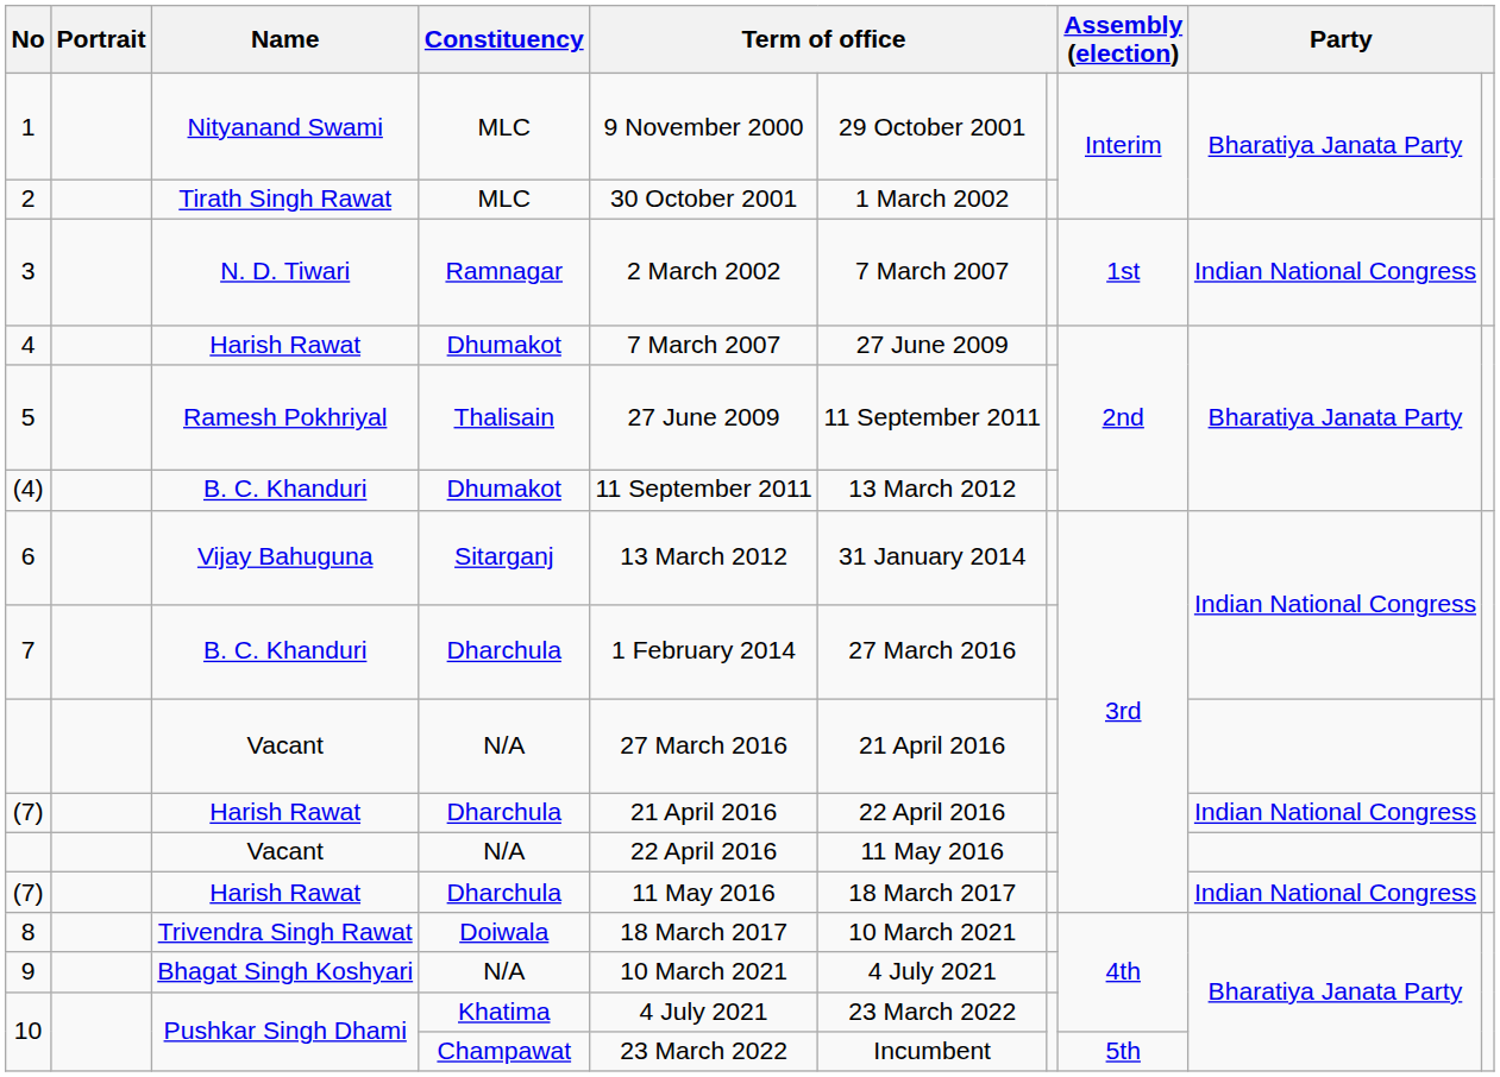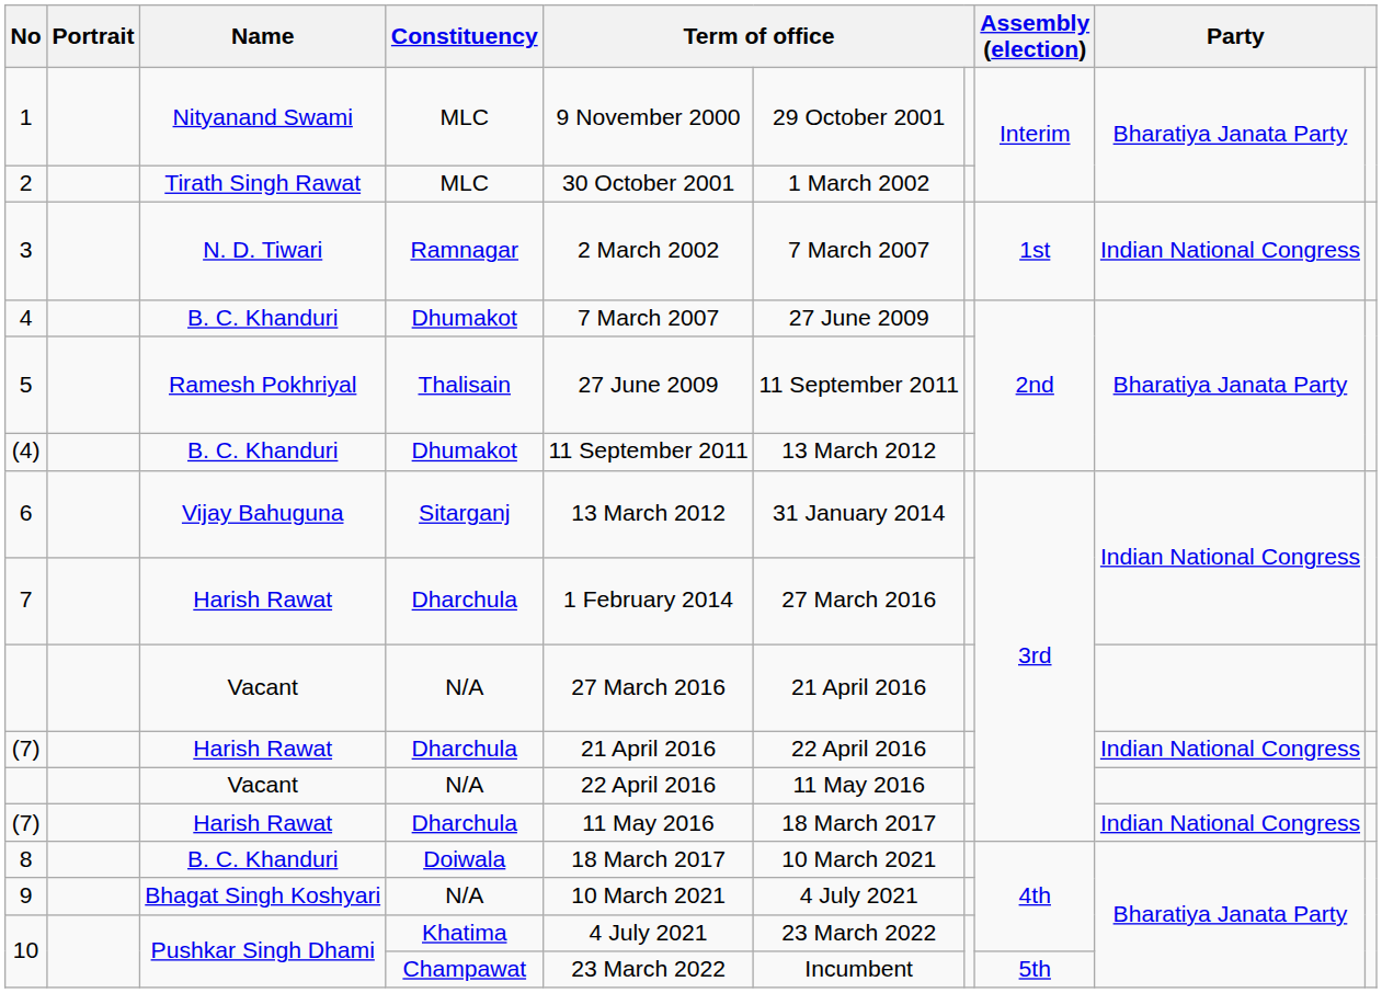 <table class="wikitable">
 <tr>
 <th>No</th>
 <th>Portrait</th>
 <th>Name</th>
 <th><a href='#'>Constituency</a></th>
 <th colspan="3">Term of office</th>
 <th><a href='#'>Assembly</a><br>(<a href='#'>election</a>)</th>
 <th colspan="2">Party</th>
 </tr>
 <tr align="center">
 <td style="height: 60px;">1</td>
 <td></td>
 <td><a href='#'>Nityanand Swami</a></td>
 <td>MLC</td>
 <td>9 November 2000</td>
 <td>29 October 2001</td>
 <td></td>
 <td rowspan="2"><a href='#'>Interim</a></td>
 <td rowspan="2"><a href='#'>Bharatiya Janata Party</a></td>
 <td rowspan="2" style="background-color: "></td>
 </tr>
 <tr align="center">
 <td>2</td>
 <td></td>
 <td><a href='#'>Tirath Singh Rawat</a></td>
 <td>MLC</td>
 <td>30 October 2001</td>
 <td>1 March 2002</td>
 <td></td>
 </tr>
 <tr align="center">
 <td style="height: 60px;">3</td>
 <td></td>
 <td><a href='#'>N. D. Tiwari</a></td>
 <td><a href='#'>Ramnagar</a></td>
 <td>2 March 2002</td>
 <td>7 March 2007</td>
 <td></td>
 <td><a href='#'>1st</a><br></td>
 <td><a href='#'>Indian National Congress</a></td>
 <td style="background-color: "></td>
 </tr>
 <tr align="center">
 <td>4</td>
 <td></td>
-<td><a href='#'>Harish Rawat</a></td>
+<td><a href='#'>B. C. Khanduri</a></td>
 <td><a href='#'>Dhumakot</a></td>
 <td>7 March 2007</td>
 <td>27 June 2009</td>
 <td></td>
 <td rowspan="3"><a href='#'>2nd</a><br></td>
 <td rowspan="3"><a href='#'>Bharatiya Janata Party</a></td>
 <td rowspan="3" style="background-color: "></td>
 </tr>
 <tr align="center">
 <td style="height: 60px;">5</td>
 <td></td>
 <td><a href='#'>Ramesh Pokhriyal</a></td>
 <td><a href='#'>Thalisain</a></td>
 <td>27 June 2009</td>
 <td>11 September 2011</td>
 <td></td>
 </tr>
 <tr align="center">
 <td>(4)</td>
 <td></td>
 <td><a href='#'>B. C. Khanduri</a></td>
 <td><a href='#'>Dhumakot</a></td>
 <td>11 September 2011</td>
 <td>13 March 2012</td>
 <td></td>
 </tr>
 <tr align="center" style="height: 60px;">
 <td>6</td>
 <td></td>
 <td><a href='#'>Vijay Bahuguna</a></td>
 <td><a href='#'>Sitarganj</a></td>
 <td>13 March 2012</td>
 <td>31 January 2014</td>
 <td></td>
 <td rowspan="6"><a href='#'>3rd</a><br></td>
 <td rowspan="2"><a href='#'>Indian National Congress</a></td>
 <td rowspan="2" style="background-color: "></td>
 </tr>
 <tr align="center" style="height: 60px;">
 <td>7</td>
 <td></td>
-<td><a href='#'>B. C. Khanduri</a></td>
+<td><a href='#'>Harish Rawat</a></td>
 <td><a href='#'>Dharchula</a></td>
 <td>1 February 2014</td>
 <td>27 March 2016</td>
 <td></td>
 </tr>
 <tr align="center" style="height: 60px;">
 <td></td>
 <td></td>
 <td>Vacant<br></td>
 <td>N/A</td>
 <td>27 March 2016</td>
 <td>21 April 2016</td>
 <td></td>
 <td></td>
 <td></td>
 </tr>
 <tr align="center">
 <td>(7)</td>
 <td></td>
 <td><a href='#'>Harish Rawat</a></td>
 <td><a href='#'>Dharchula</a></td>
 <td>21 April 2016</td>
 <td>22 April 2016</td>
 <td></td>
 <td><a href='#'>Indian National Congress</a></td>
 <td style="background-color: "></td>
 </tr>
 <tr align="center">
 <td></td>
 <td></td>
 <td>Vacant<br></td>
 <td>N/A</td>
 <td>22 April 2016</td>
 <td>11 May 2016</td>
 <td></td>
 <td></td>
 <td></td>
 </tr>
 <tr align="center">
 <td>(7)</td>
 <td></td>
 <td><a href='#'>Harish Rawat</a></td>
 <td><a href='#'>Dharchula</a></td>
 <td>11 May 2016</td>
 <td>18 March 2017</td>
 <td></td>
 <td><a href='#'>Indian National Congress</a></td>
 <td style="background-color: "></td>
 </tr>
 <tr align="center">
 <td>8</td>
 <td></td>
-<td><a href='#'>Trivendra Singh Rawat</a></td>
+<td><a href='#'>B. C. Khanduri</a></td>
 <td><a href='#'>Doiwala</a></td>
 <td>18 March 2017</td>
 <td>10 March 2021</td>
 <td></td>
 <td rowspan="3"><a href='#'>4th</a><br></td>
 <td rowspan="4"><a href='#'>Bharatiya Janata Party</a></td>
 <td rowspan="4" style="background-color: "></td>
 </tr>
 <tr align="center">
 <td>9</td>
 <td></td>
 <td><a href='#'>Bhagat Singh Koshyari</a></td>
 <td>N/A</td>
 <td>10 March 2021</td>
 <td>4 July 2021</td>
 <td></td>
 </tr>
 <tr align="center">
 <td rowspan="2">10</td>
 <td rowspan="2"></td>
 <td rowspan="2"><a href='#'>Pushkar Singh Dhami</a></td>
 <td><a href='#'>Khatima</a></td>
 <td>4 July 2021</td>
 <td>23 March 2022</td>
 <td rowspan="2"></td>
 </tr>
 <tr align="center">
 <td><a href='#'>Champawat</a></td>
 <td>23 March 2022</td>
 <td>Incumbent</td>
 <td><a href='#'>5th</a><br></td>
 </tr>
 </table>
